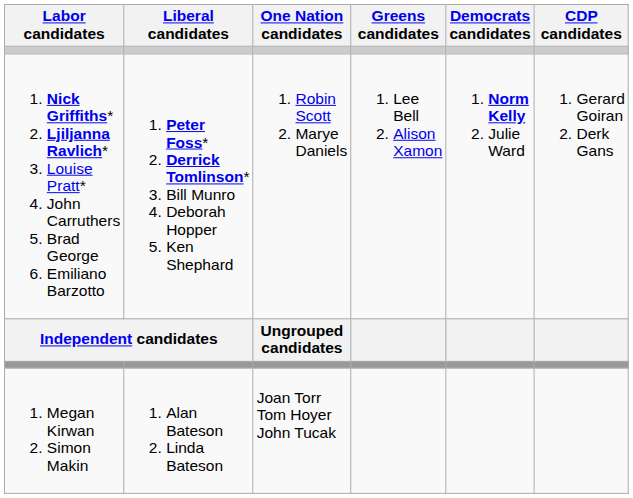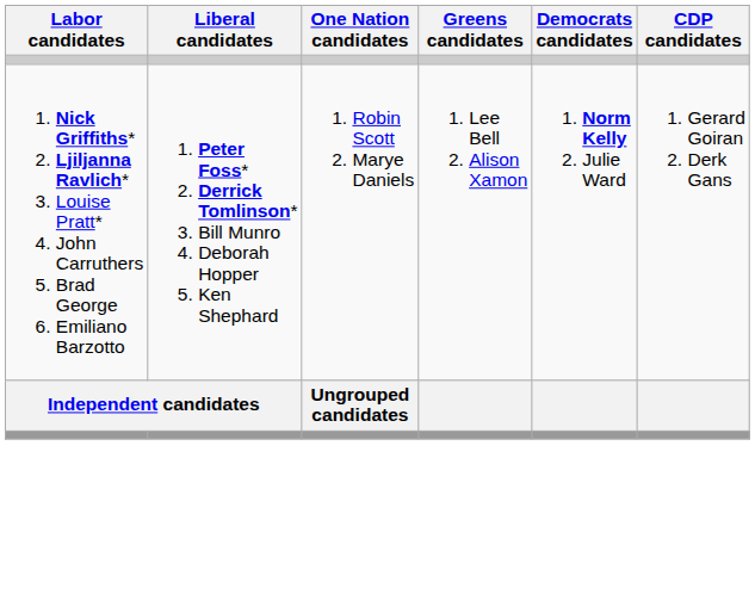 <table class="wikitable">
 <tr>
 <th><a href='#'>Labor</a> candidates</th>
 <th><a href='#'>Liberal</a> candidates</th>
 <th><a href='#'>One Nation</a> candidates</th>
 <th><a href='#'>Greens</a> candidates</th>
 <th><a href='#'>Democrats</a> candidates</th>
 <th><a href='#'>CDP</a> candidates</th>
 </tr>
 <tr bgcolor="#cccccc">
 <td></td>
 <td></td>
 <td></td>
 <td></td>
 <td></td>
 <td></td>
 </tr>
 <tr>
 <td><br><ol><li><strong><a href='#'>Nick Griffiths</a></strong>*</li><li><strong><a href='#'>Ljiljanna Ravlich</a></strong>*</li><li><a href='#'>Louise Pratt</a>*</li><li>John Carruthers</li><li>Brad George</li><li>Emiliano Barzotto</li></ol></td>
 <td><br><ol><li><strong><a href='#'>Peter Foss</a></strong>*</li><li><strong><a href='#'>Derrick Tomlinson</a></strong>*</li><li>Bill Munro</li><li>Deborah Hopper</li><li>Ken Shephard</li></ol></td>
 <td valign=top><br><ol><li><a href='#'>Robin Scott</a></li><li>Marye Daniels</li></ol></td>
 <td valign=top><br><ol><li>Lee Bell</li><li><a href='#'>Alison Xamon</a></li></ol></td>
 <td valign=top><br><ol><li><strong><a href='#'>Norm Kelly</a></strong></li><li>Julie Ward</li></ol></td>
 <td valign=top><br><ol><li>Gerard Goiran</li><li>Derk Gans</li></ol></td>
 </tr>
 <tr bgcolor="#cccccc">
 <th colspan="2"><a href='#'>Independent</a> candidates</th>
 <th>Ungrouped candidates</th>
 <th></th>
 <th></th>
 <th></th>
 </tr>
 <tr bgcolor="#999999">
 <td bgcolor="#999999"></td>
 <td bgcolor="#999999"></td>
 <td bgcolor="#999999"></td>
 <td bgcolor="#999999"></td>
 <td bgcolor="#999999"></td>
 <td bgcolor="#999999"></td>
 </tr>
-<tr>
-<td valign=top><br><ol><li>Megan Kirwan</li><li>Simon Makin</li></ol></td>
-<td valign=top><br><ol><li>Alan Bateson</li><li>Linda Bateson</li></ol></td>
-<td valign=top><br>Joan Torr<br> Tom Hoyer<br> John Tucak<br></td>
-<td valign=top></td>
-<td valign=top></td>
-<td valign=top></td>
-</tr>
 </table>
